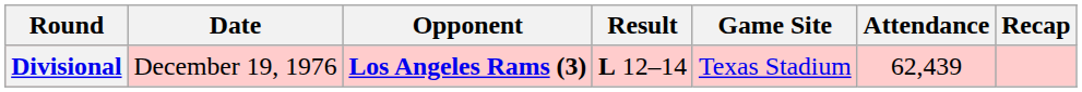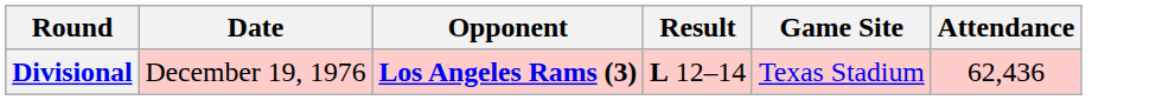 <table class="wikitable" style="text-align:center">
 <tr>
 <th>Round</th>
 <th>Date</th>
 <th>Opponent</th>
 <th>Result</th>
 <th>Game Site</th>
 <th>Attendance</th>
-<th>Recap</th>
 </tr>
 <tr style="background: #fcc">
 <th><a href='#'>Divisional</a></th>
 <td>December 19, 1976</td>
 <td><strong><a href='#'>Los Angeles Rams</a> (3)</strong></td>
 <td><strong>L</strong> 12–14</td>
 <td><a href='#'>Texas Stadium</a></td>
-<td>62,439</td>
-<td></td>
+<td>62,436</td>
 </tr>
 </table>
